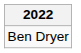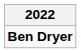 <table class="wikitable">
 <tr>
 <th>2022</th>
 </tr>
 <tr>
-<td>Ben Dryer</td>
+<td><strong>Ben Dryer</strong></td>
 </tr>
 </table>
